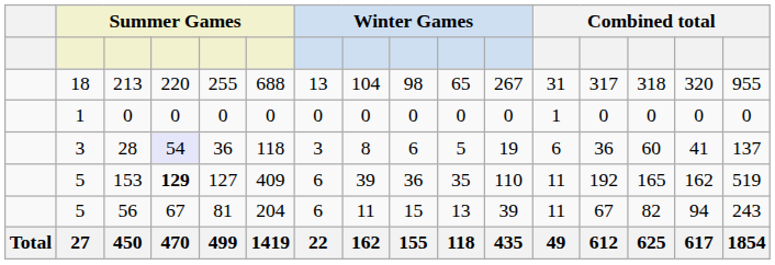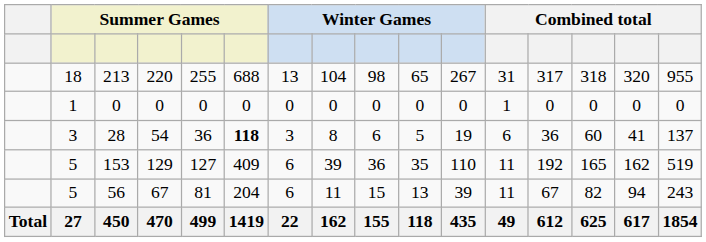 <table class="wikitable sortable" style="margin-top:0; text-align:center; font-size:90%;">
 <tr>
 <th></th>
 <th align="center" style="background-color:#f2f2ce;" colspan="5" ;>Summer Games</th>
 <th align="center" style="background-color:#cedff2;" colspan="5" ;>Winter Games</th>
 <th align="center" colspan="5" ;>Combined total</th>
 </tr>
 <tr>
 <th></th>
 <th style="background-color:#f2f2ce; width:2em;"><br></th>
 <th style="background-color:#f2f2ce; width:2em;"><br></th>
 <th style="background-color:#f2f2ce; width:2em;"><br></th>
 <th style="background-color:#f2f2ce; width:2em;"><br></th>
 <th style="background-color:#f2f2ce; width:2em;"><br></th>
 <th style="background-color:#cedff2; width:2em;"><br></th>
 <th style="background-color:#cedff2; width:2em;"><br></th>
 <th style="background-color:#cedff2; width:2em;"><br></th>
 <th style="background-color:#cedff2; width:2em;"><br></th>
 <th style="background-color:#cedff2; width:2em;"><br></th>
 <th style="width:2em;"><br></th>
 <th style="width:2em;"><br></th>
 <th style="width:2em;"><br></th>
 <th style="width:2em;"><br></th>
 <th style="width:2em;"><br></th>
 </tr>
 <tr>
 <td align=left>  </td>
 <td>18</td>
 <td>213</td>
 <td>220</td>
 <td>255</td>
 <td>688</td>
 <td>13</td>
 <td>104</td>
 <td>98</td>
 <td>65</td>
 <td>267</td>
 <td>31</td>
 <td>317</td>
 <td>318</td>
 <td>320</td>
 <td>955</td>
 </tr>
 <tr>
 <td align=left></td>
 <td>1</td>
 <td>0</td>
 <td>0</td>
 <td>0</td>
 <td>0</td>
 <td>0</td>
 <td>0</td>
 <td>0</td>
 <td>0</td>
 <td>0</td>
 <td>1</td>
 <td>0</td>
 <td>0</td>
 <td>0</td>
 <td>0</td>
 </tr>
 <tr>
 <td align=left></td>
 <td>3</td>
 <td>28</td>
-<td style="background: lavender;">54</td>
+<td>54</td>
 <td>36</td>
-<td>118</td>
+<td><strong>118</strong></td>
 <td>3</td>
 <td>8</td>
 <td>6</td>
 <td>5</td>
 <td>19</td>
 <td>6</td>
 <td>36</td>
 <td>60</td>
 <td>41</td>
 <td>137</td>
 </tr>
 <tr>
 <td align=left></td>
 <td>5</td>
 <td>153</td>
-<td><strong>129</strong></td>
+<td>129</td>
 <td>127</td>
 <td>409</td>
 <td>6</td>
 <td>39</td>
 <td>36</td>
 <td>35</td>
 <td>110</td>
 <td>11</td>
 <td>192</td>
 <td>165</td>
 <td>162</td>
 <td>519</td>
 </tr>
 <tr>
 <td align=left></td>
 <td>5</td>
 <td>56</td>
 <td>67</td>
 <td>81</td>
 <td>204</td>
 <td>6</td>
 <td>11</td>
 <td>15</td>
 <td>13</td>
 <td>39</td>
 <td>11</td>
 <td>67</td>
 <td>82</td>
 <td>94</td>
 <td>243</td>
 </tr>
 <tr>
 <th style="text-align: center;">Total</th>
 <th>27</th>
 <th>450</th>
 <th>470</th>
 <th>499</th>
 <th>1419</th>
 <th>22</th>
 <th>162</th>
 <th>155</th>
 <th>118</th>
 <th>435</th>
 <th>49</th>
 <th>612</th>
 <th>625</th>
 <th>617</th>
 <th>1854</th>
 </tr>
 </table>
